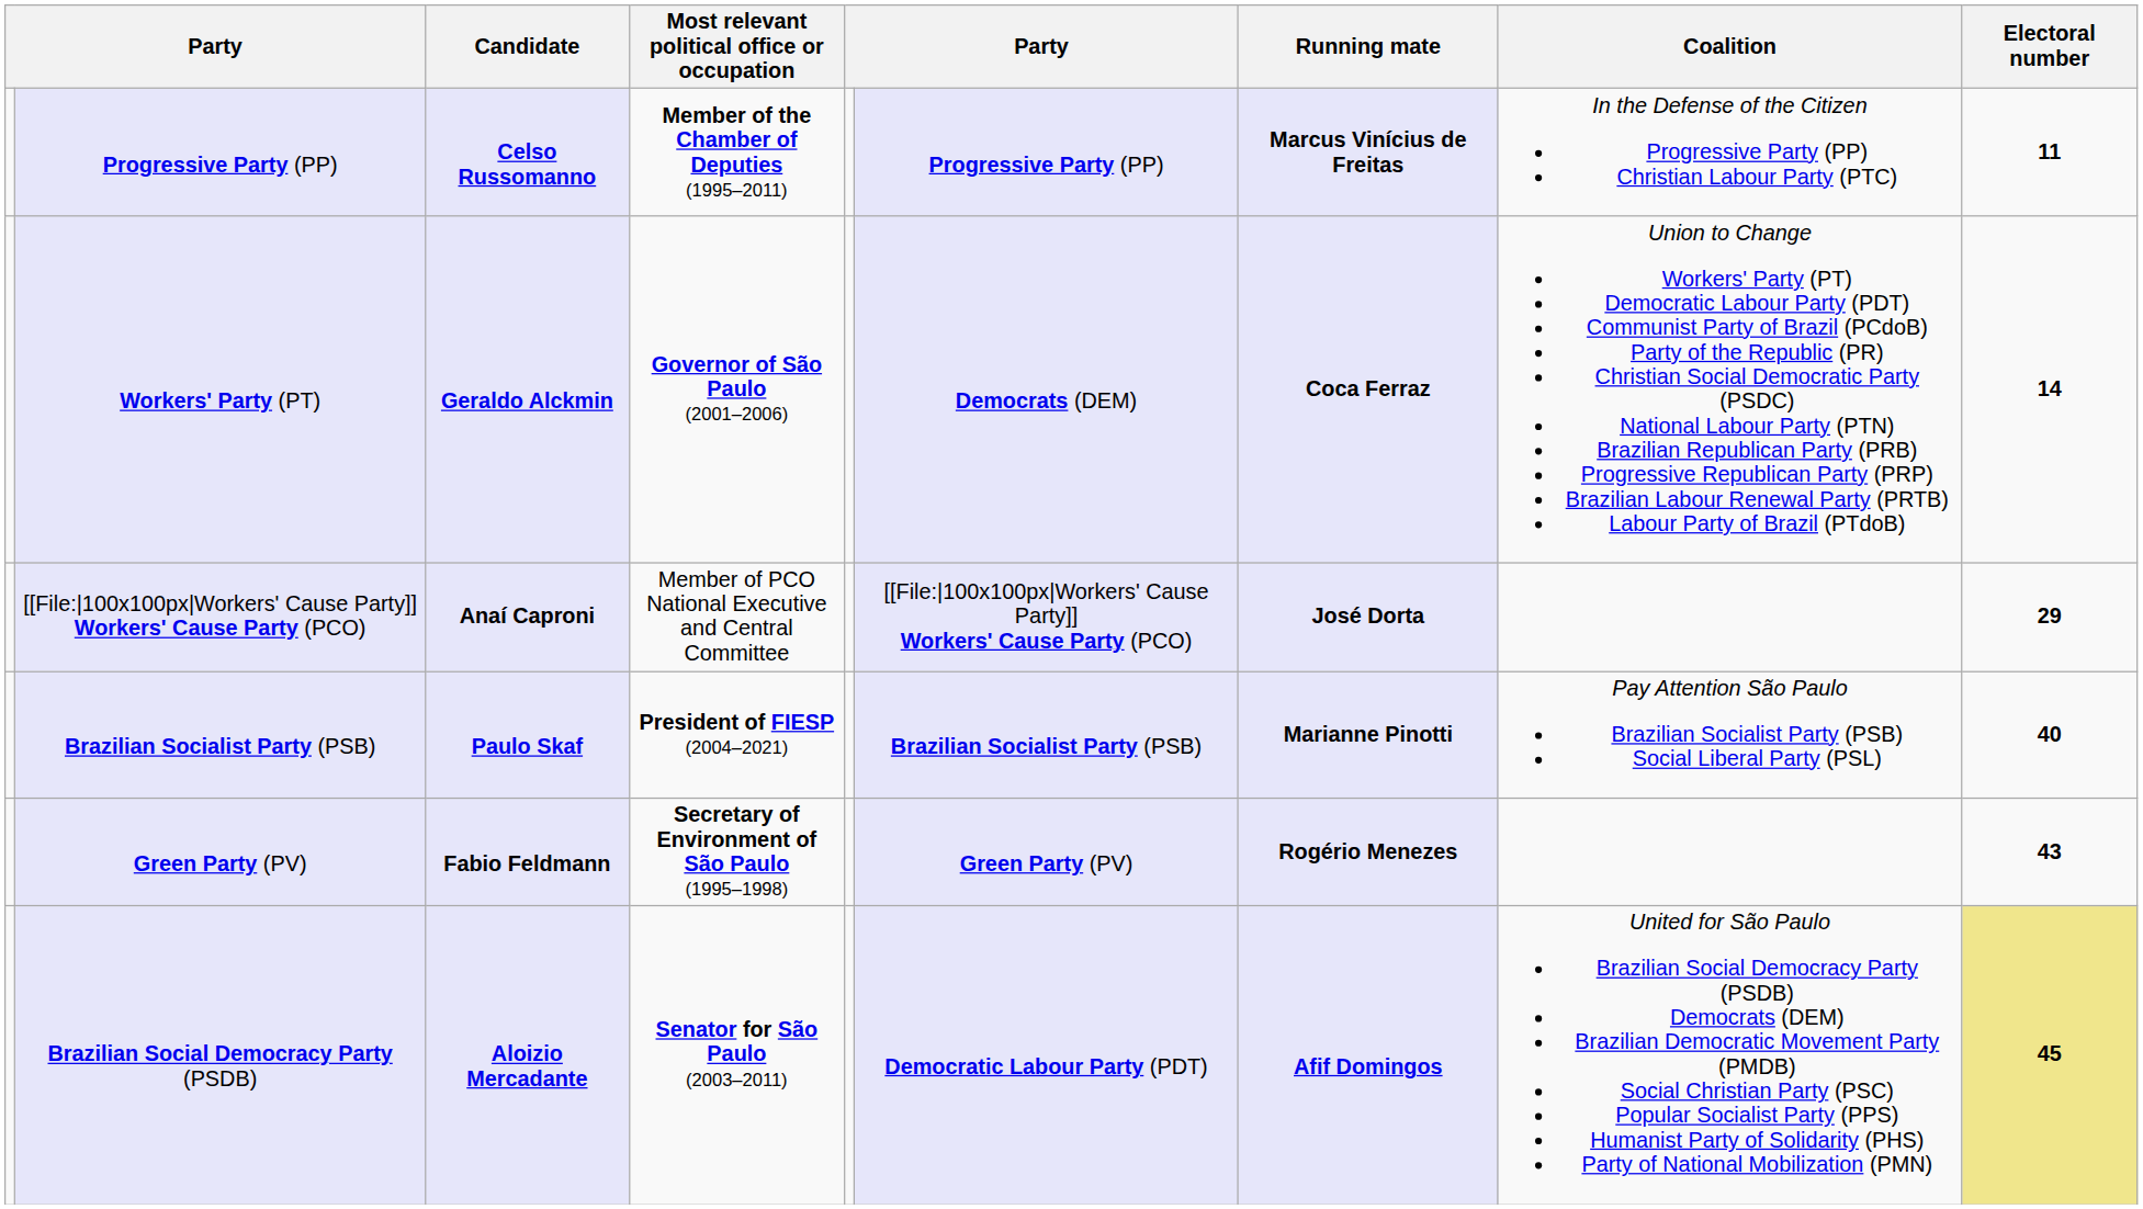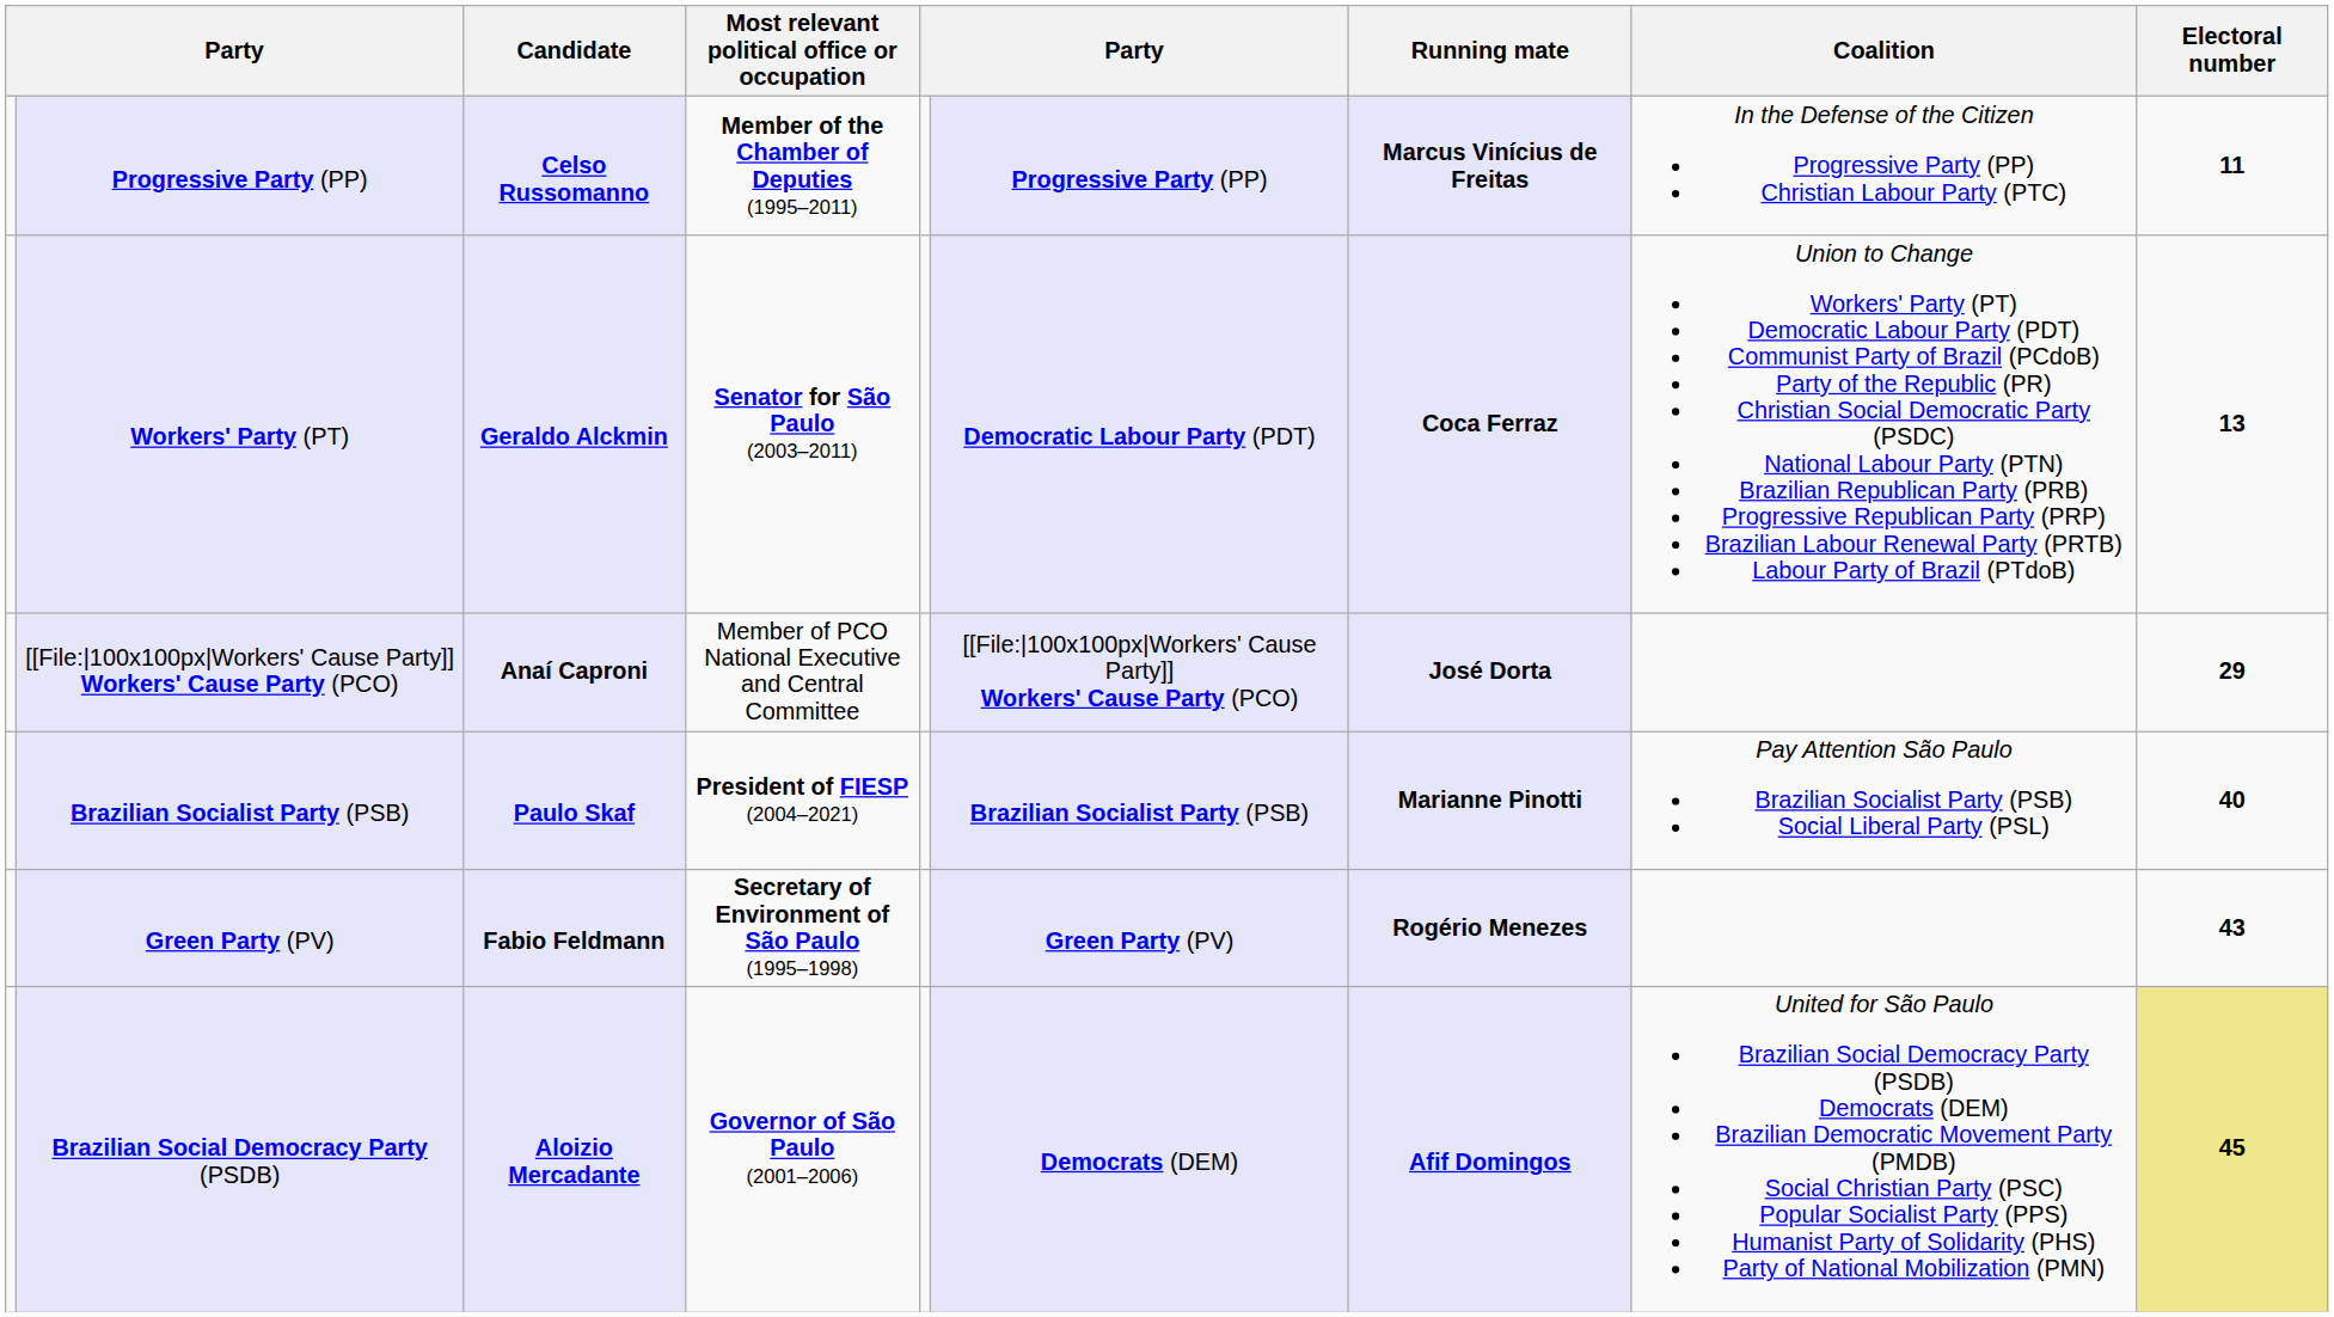 <table class="wikitable" style="text-align:center">
 <tr>
 <th colspan="2">Party</th>
 <th>Candidate</th>
 <th style="max-width:10em">Most relevant political office or occupation</th>
 <th colspan="2">Party</th>
 <th>Running mate</th>
 <th>Coalition</th>
 <th>Electoral number</th>
 </tr>
 <tr>
 <td style="background:"></td>
 <td style="background:lavender;" max-width:150px><br><strong><a href='#'>Progressive Party</a></strong> (PP)</td>
 <td style="background:lavender;" max-width:150px><br><strong><a href='#'>Celso Russomanno</a></strong></td>
 <td style="max-width:10em"><strong>Member of the <a href='#'>Chamber of Deputies</a></strong><br><small>(1995–2011)</small></td>
 <td style="background:"></td>
 <td style="background:lavender;" max-width:150px><br><strong><a href='#'>Progressive Party</a></strong> (PP)</td>
 <td style="background:lavender;" max-width:150px><strong>Marcus Vinícius de Freitas</strong></td>
 <td><em>In the Defense of the Citizen</em><br><ul><li><a href='#'>Progressive Party</a> (PP)</li><li><a href='#'>Christian Labour Party</a> (PTC)</li></ul></td>
 <td><strong>11</strong></td>
 </tr>
 <tr>
 <td style="background:"></td>
 <td style="background:lavender;" max-width:150px><br><strong><a href='#'>Workers' Party</a></strong> (PT)</td>
 <td style="background:lavender;" max-width:150px><br><strong><a href='#'>Geraldo Alckmin</a></strong></td>
-<td style="max-width:10em"><strong><a href='#'>Governor of São Paulo</a></strong><br><small>(2001–2006)</small></td>
+<td style="max-width:10em"><strong><a href='#'>Senator</a> for <a href='#'>São Paulo</a></strong><br><small>(2003–2011)</small></td>
 <td style="background:"></td>
-<td style="background:lavender;" max-width:150px><br><strong><a href='#'>Democrats</a></strong> (DEM)</td>
+<td style="background:lavender;" max-width:150px><br><strong><a href='#'>Democratic Labour Party</a></strong> (PDT)</td>
 <td style="background:lavender;" max-width:150px><strong>Coca Ferraz</strong></td>
 <td><em>Union to Change</em><br><ul><li><a href='#'>Workers' Party</a> (PT)</li><li><a href='#'>Democratic Labour Party</a> (PDT)</li><li><a href='#'>Communist Party of Brazil</a> (PCdoB)</li><li><a href='#'>Party of the Republic</a> (PR)</li><li><a href='#'>Christian Social Democratic Party</a> (PSDC)</li><li><a href='#'>National Labour Party</a> (PTN)</li><li><a href='#'>Brazilian Republican Party</a> (PRB)</li><li><a href='#'>Progressive Republican Party</a> (PRP)</li><li><a href='#'>Brazilian Labour Renewal Party</a> (PRTB)</li><li><a href='#'>Labour Party of Brazil</a> (PTdoB)</li></ul></td>
-<td><strong>14</strong></td>
+<td><strong>13</strong></td>
 </tr>
 <tr>
 <td style="background:"></td>
 <td style="background:lavender;" max-width:150px>[[File:|100x100px|Workers' Cause Party]]<br><strong><a href='#'>Workers' Cause Party</a></strong> (PCO)</td>
 <td style="background:lavender;" max-width:150px><strong>Anaí Caproni</strong></td>
 <td style="max-width:10em">Member of PCO National Executive and Central Committee</td>
 <td style="background:"></td>
 <td style="background:lavender;" max-width:150px>[[File:|100x100px|Workers' Cause Party]]<br><strong><a href='#'>Workers' Cause Party</a></strong> (PCO)</td>
 <td style="background:lavender;" max-width:150px><strong>José Dorta</strong></td>
 <td></td>
 <td><strong>29</strong></td>
 </tr>
 <tr>
 <td style="background:"></td>
 <td style="background:lavender;" max-width:150px><br><strong><a href='#'>Brazilian Socialist Party</a></strong> (PSB)</td>
 <td style="background:lavender;" max-width:150px><br><strong><a href='#'>Paulo Skaf</a></strong></td>
 <td style="max-width:10em"><strong>President of <a href='#'>FIESP</a></strong><br><small>(2004–2021)</small></td>
 <td style="background:"></td>
 <td style="background:lavender;" max-width:150px><br><strong><a href='#'>Brazilian Socialist Party</a></strong> (PSB)</td>
 <td style="background:lavender;" max-width:150px><strong>Marianne Pinotti</strong></td>
 <td><em>Pay Attention São Paulo</em><br><ul><li><a href='#'>Brazilian Socialist Party</a> (PSB)</li><li><a href='#'>Social Liberal Party</a> (PSL)</li></ul></td>
 <td><strong>40</strong></td>
 </tr>
 <tr>
 <td style="background:"></td>
 <td style="background:lavender;" max-width:150px><br><strong><a href='#'>Green Party</a></strong> (PV)</td>
 <td style="background:lavender;" max-width:150px><br><strong>Fabio Feldmann</strong></td>
 <td style="max-width:10em"><strong>Secretary of Environment of <a href='#'>São Paulo</a></strong><br><small>(1995–1998)</small></td>
 <td style="background:"></td>
 <td style="background:lavender;" max-width:150px><br><strong><a href='#'>Green Party</a></strong> (PV)</td>
 <td style="background:lavender;" max-width:150px><strong>Rogério Menezes</strong></td>
 <td></td>
 <td><strong>43</strong></td>
 </tr>
 <tr>
 <td style="background:"></td>
 <td style="background:lavender;" max-width:150px><br><strong><a href='#'>Brazilian Social Democracy Party</a></strong> (PSDB)</td>
 <td style="background:lavender;" max-width:150px><br><strong><a href='#'>Aloizio Mercadante</a></strong></td>
-<td style="max-width:10em"><strong><a href='#'>Senator</a> for <a href='#'>São Paulo</a></strong><br><small>(2003–2011)</small></td>
+<td style="max-width:10em"><strong><a href='#'>Governor of São Paulo</a></strong><br><small>(2001–2006)</small></td>
 <td style="background:"></td>
-<td style="background:lavender;" max-width:150px><br><strong><a href='#'>Democratic Labour Party</a></strong> (PDT)</td>
+<td style="background:lavender;" max-width:150px><br><strong><a href='#'>Democrats</a></strong> (DEM)</td>
 <td style="background:lavender;" max-width:150px><br><strong><a href='#'>Afif Domingos</a></strong></td>
 <td><em>United for São Paulo</em><br><ul><li><a href='#'>Brazilian Social Democracy Party</a> (PSDB)</li><li><a href='#'>Democrats</a> (DEM)</li><li><a href='#'>Brazilian Democratic Movement Party</a> (PMDB)</li><li><a href='#'>Social Christian Party</a> (PSC)</li><li><a href='#'>Popular Socialist Party</a> (PPS)</li><li><a href='#'>Humanist Party of Solidarity</a> (PHS)</li><li><a href='#'>Party of National Mobilization</a> (PMN)</li></ul></td>
 <td style="background: khaki;"><strong>45</strong></td>
 </tr>
 </table>
